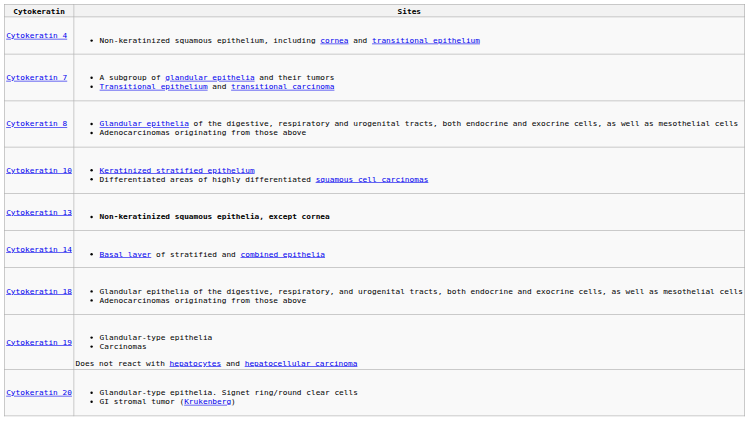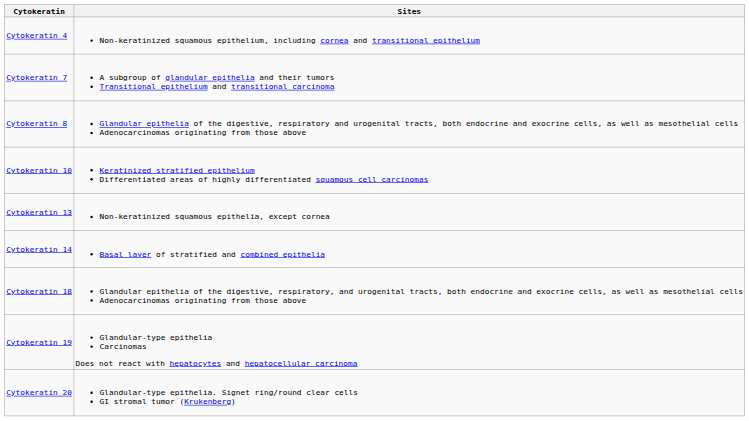 <table class="wikitable">
 <tr>
 <th>Cytokeratin</th>
 <th>Sites</th>
 </tr>
 <tr>
 <td><a href='#'>Cytokeratin 4</a></td>
 <td><br><ul><li>Non-keratinized squamous epithelium, including <a href='#'>cornea</a> and <a href='#'>transitional epithelium</a></li></ul></td>
 </tr>
 <tr>
 <td><a href='#'>Cytokeratin 7</a></td>
 <td><br><ul><li>A subgroup of <a href='#'>glandular epithelia</a> and their tumors</li><li><a href='#'>Transitional epithelium</a> and <a href='#'>transitional carcinoma</a></li></ul></td>
 </tr>
 <tr>
 <td><a href='#'>Cytokeratin 8</a></td>
 <td><br><ul><li><a href='#'>Glandular epithelia</a> of the digestive, respiratory and urogenital tracts, both endocrine and exocrine cells, as well as mesothelial cells</li><li>Adenocarcinomas originating from those above</li></ul></td>
 </tr>
 <tr>
 <td><a href='#'>Cytokeratin 10</a></td>
 <td><br><ul><li><a href='#'>Keratinized stratified epithelium</a></li><li>Differentiated areas of highly differentiated <a href='#'>squamous cell carcinomas</a></li></ul></td>
 </tr>
 <tr>
 <td><a href='#'>Cytokeratin 13</a></td>
-<td><strong><br><ul><li>Non-keratinized squamous epithelia, except cornea</li></ul></strong></td>
+<td><br><ul><li>Non-keratinized squamous epithelia, except cornea</li></ul></td>
 </tr>
 <tr>
 <td><a href='#'>Cytokeratin 14</a></td>
 <td><br><ul><li><a href='#'>Basal layer</a> of stratified and <a href='#'>combined epithelia</a></li></ul></td>
 </tr>
 <tr>
 <td><a href='#'>Cytokeratin 18</a></td>
 <td><br><ul><li>Glandular epithelia of the digestive, respiratory, and urogenital tracts, both endocrine and exocrine cells, as well as mesothelial cells</li><li>Adenocarcinomas originating from those above</li></ul></td>
 </tr>
 <tr>
 <td><a href='#'>Cytokeratin 19</a></td>
 <td><br><ul><li>Glandular-type epithelia </li><li>Carcinomas</li></ul>Does not react with <a href='#'>hepatocytes</a> and <a href='#'>hepatocellular carcinoma</a></td>
 </tr>
 <tr>
 <td><a href='#'>Cytokeratin 20</a></td>
 <td><br><ul><li>Glandular-type epithelia. Signet ring/round clear cells </li><li>GI stromal tumor (<a href='#'>Krukenberg</a>)</li></ul></td>
 </tr>
 </table>
